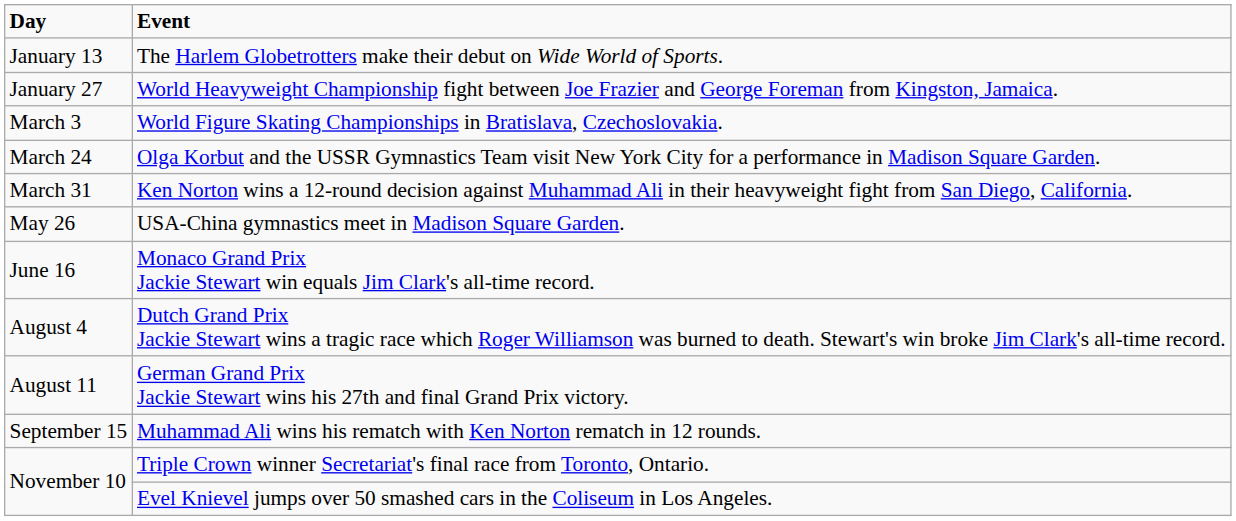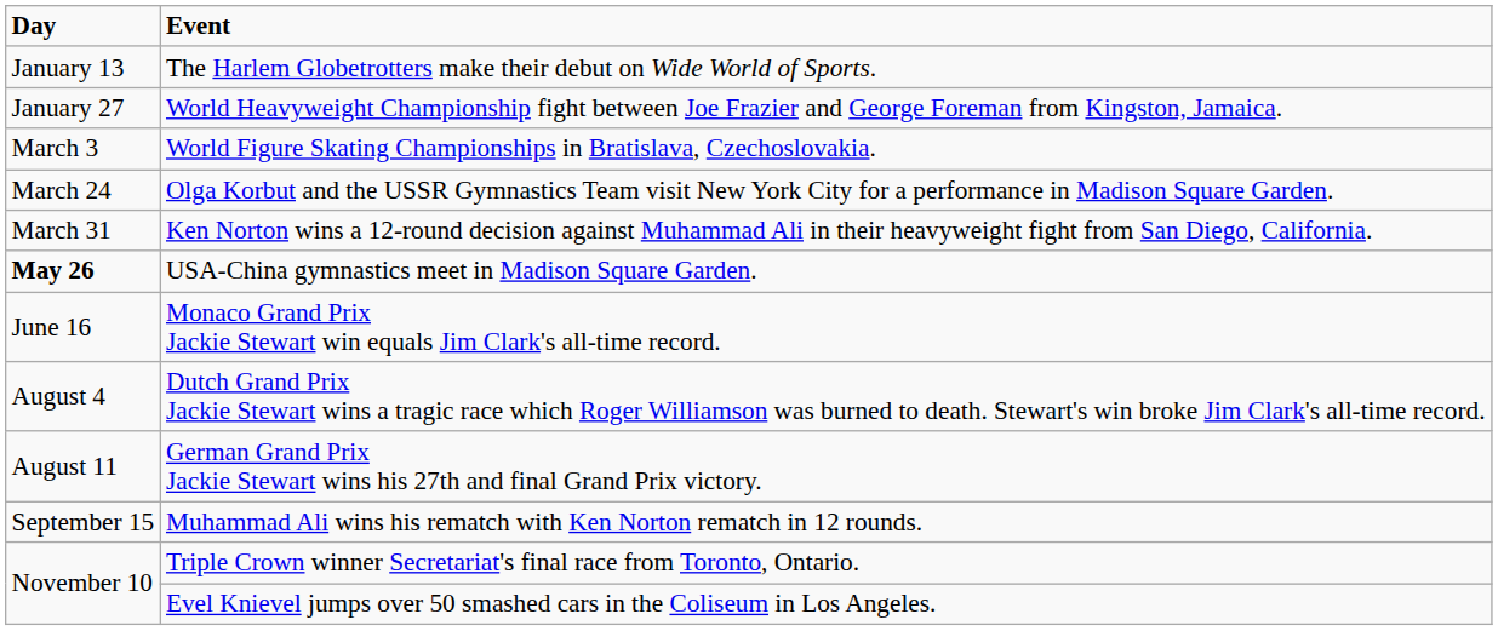 <table class="wikitable">
 <tr>
 <td><strong>Day</strong></td>
 <td><strong>Event</strong></td>
 </tr>
 <tr>
 <td>January 13</td>
 <td>The <a href='#'>Harlem Globetrotters</a> make their debut on <em>Wide World of Sports</em>.</td>
 </tr>
 <tr>
 <td>January 27</td>
 <td><a href='#'>World Heavyweight Championship</a> fight between <a href='#'>Joe Frazier</a> and <a href='#'>George Foreman</a> from <a href='#'>Kingston, Jamaica</a>.</td>
 </tr>
 <tr>
 <td>March 3</td>
 <td><a href='#'>World Figure Skating Championships</a> in <a href='#'>Bratislava</a>, <a href='#'>Czechoslovakia</a>.</td>
 </tr>
 <tr>
 <td>March 24</td>
 <td><a href='#'>Olga Korbut</a> and the USSR Gymnastics Team visit New York City for a performance in <a href='#'>Madison Square Garden</a>.</td>
 </tr>
 <tr>
 <td>March 31</td>
 <td><a href='#'>Ken Norton</a> wins a 12-round decision against <a href='#'>Muhammad Ali</a> in their heavyweight fight from <a href='#'>San Diego</a>, <a href='#'>California</a>.</td>
 </tr>
 <tr>
-<td>May 26</td>
+<td><strong>May 26</strong></td>
 <td>USA-China gymnastics meet in <a href='#'>Madison Square Garden</a>.</td>
 </tr>
 <tr>
 <td>June 16</td>
 <td><a href='#'>Monaco Grand Prix</a> <br> <a href='#'>Jackie Stewart</a> win equals <a href='#'>Jim Clark</a>'s all-time record.</td>
 </tr>
 <tr>
 <td>August 4</td>
 <td><a href='#'>Dutch Grand Prix</a> <br> <a href='#'>Jackie Stewart</a> wins a tragic race which <a href='#'>Roger Williamson</a> was burned to death. Stewart's win broke <a href='#'>Jim Clark</a>'s all-time record.</td>
 </tr>
 <tr>
 <td>August 11</td>
 <td><a href='#'>German Grand Prix</a> <br> <a href='#'>Jackie Stewart</a> wins his 27th and final Grand Prix victory.</td>
 </tr>
 <tr>
 <td>September 15</td>
 <td><a href='#'>Muhammad Ali</a> wins his rematch with <a href='#'>Ken Norton</a> rematch in 12 rounds.</td>
 </tr>
 <tr>
 <td rowspan="2">November 10</td>
 <td><a href='#'>Triple Crown</a> winner <a href='#'>Secretariat</a>'s final race from <a href='#'>Toronto</a>, Ontario.</td>
 </tr>
 <tr>
 <td><a href='#'>Evel Knievel</a> jumps over 50 smashed cars in the <a href='#'>Coliseum</a> in Los Angeles.</td>
 </tr>
 </table>
